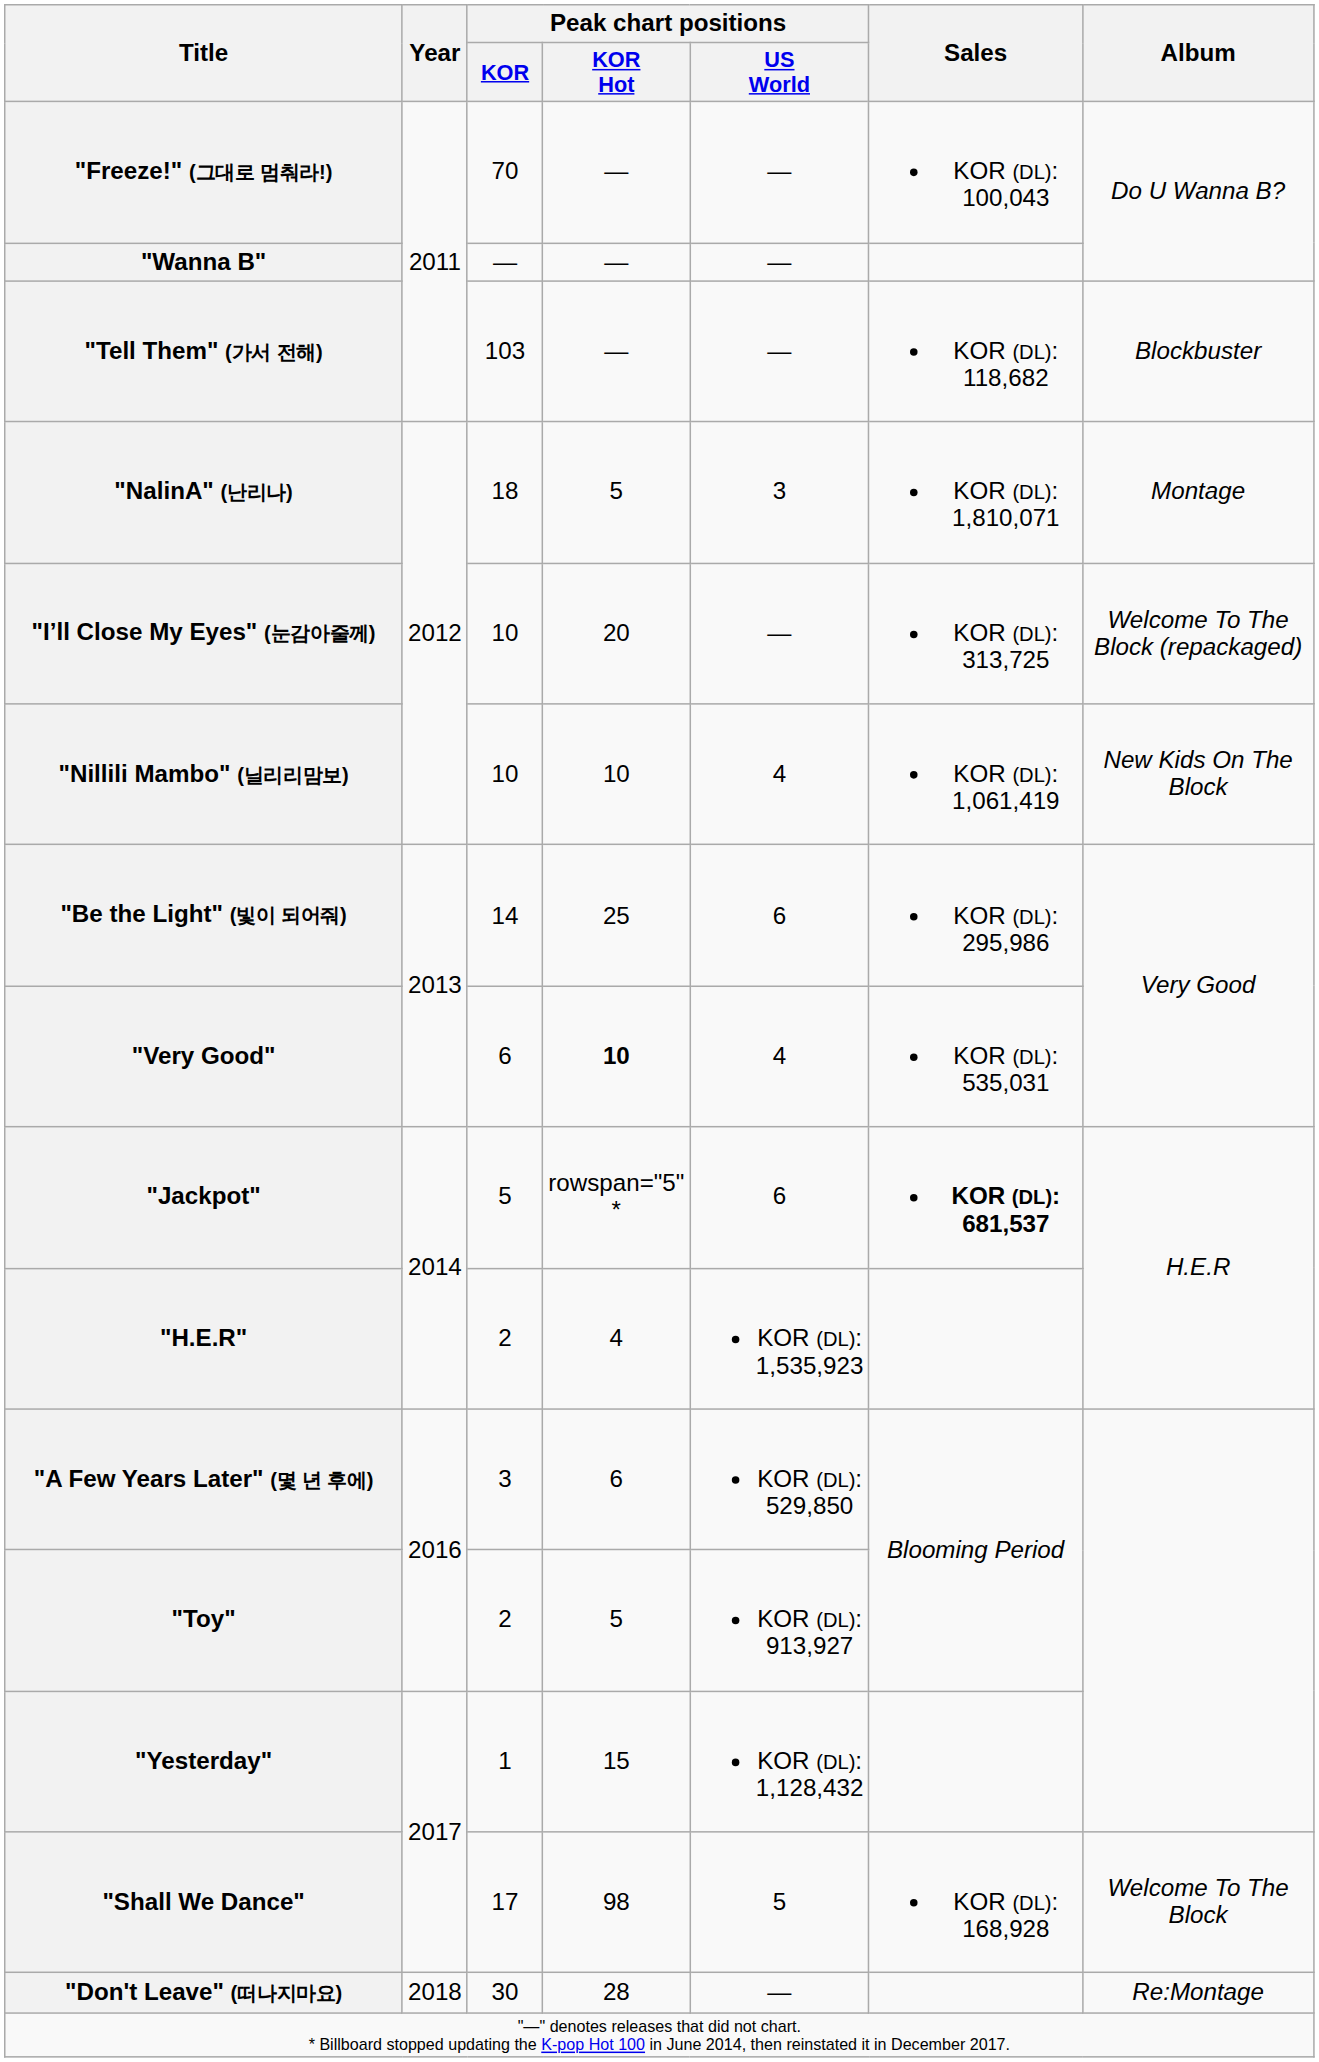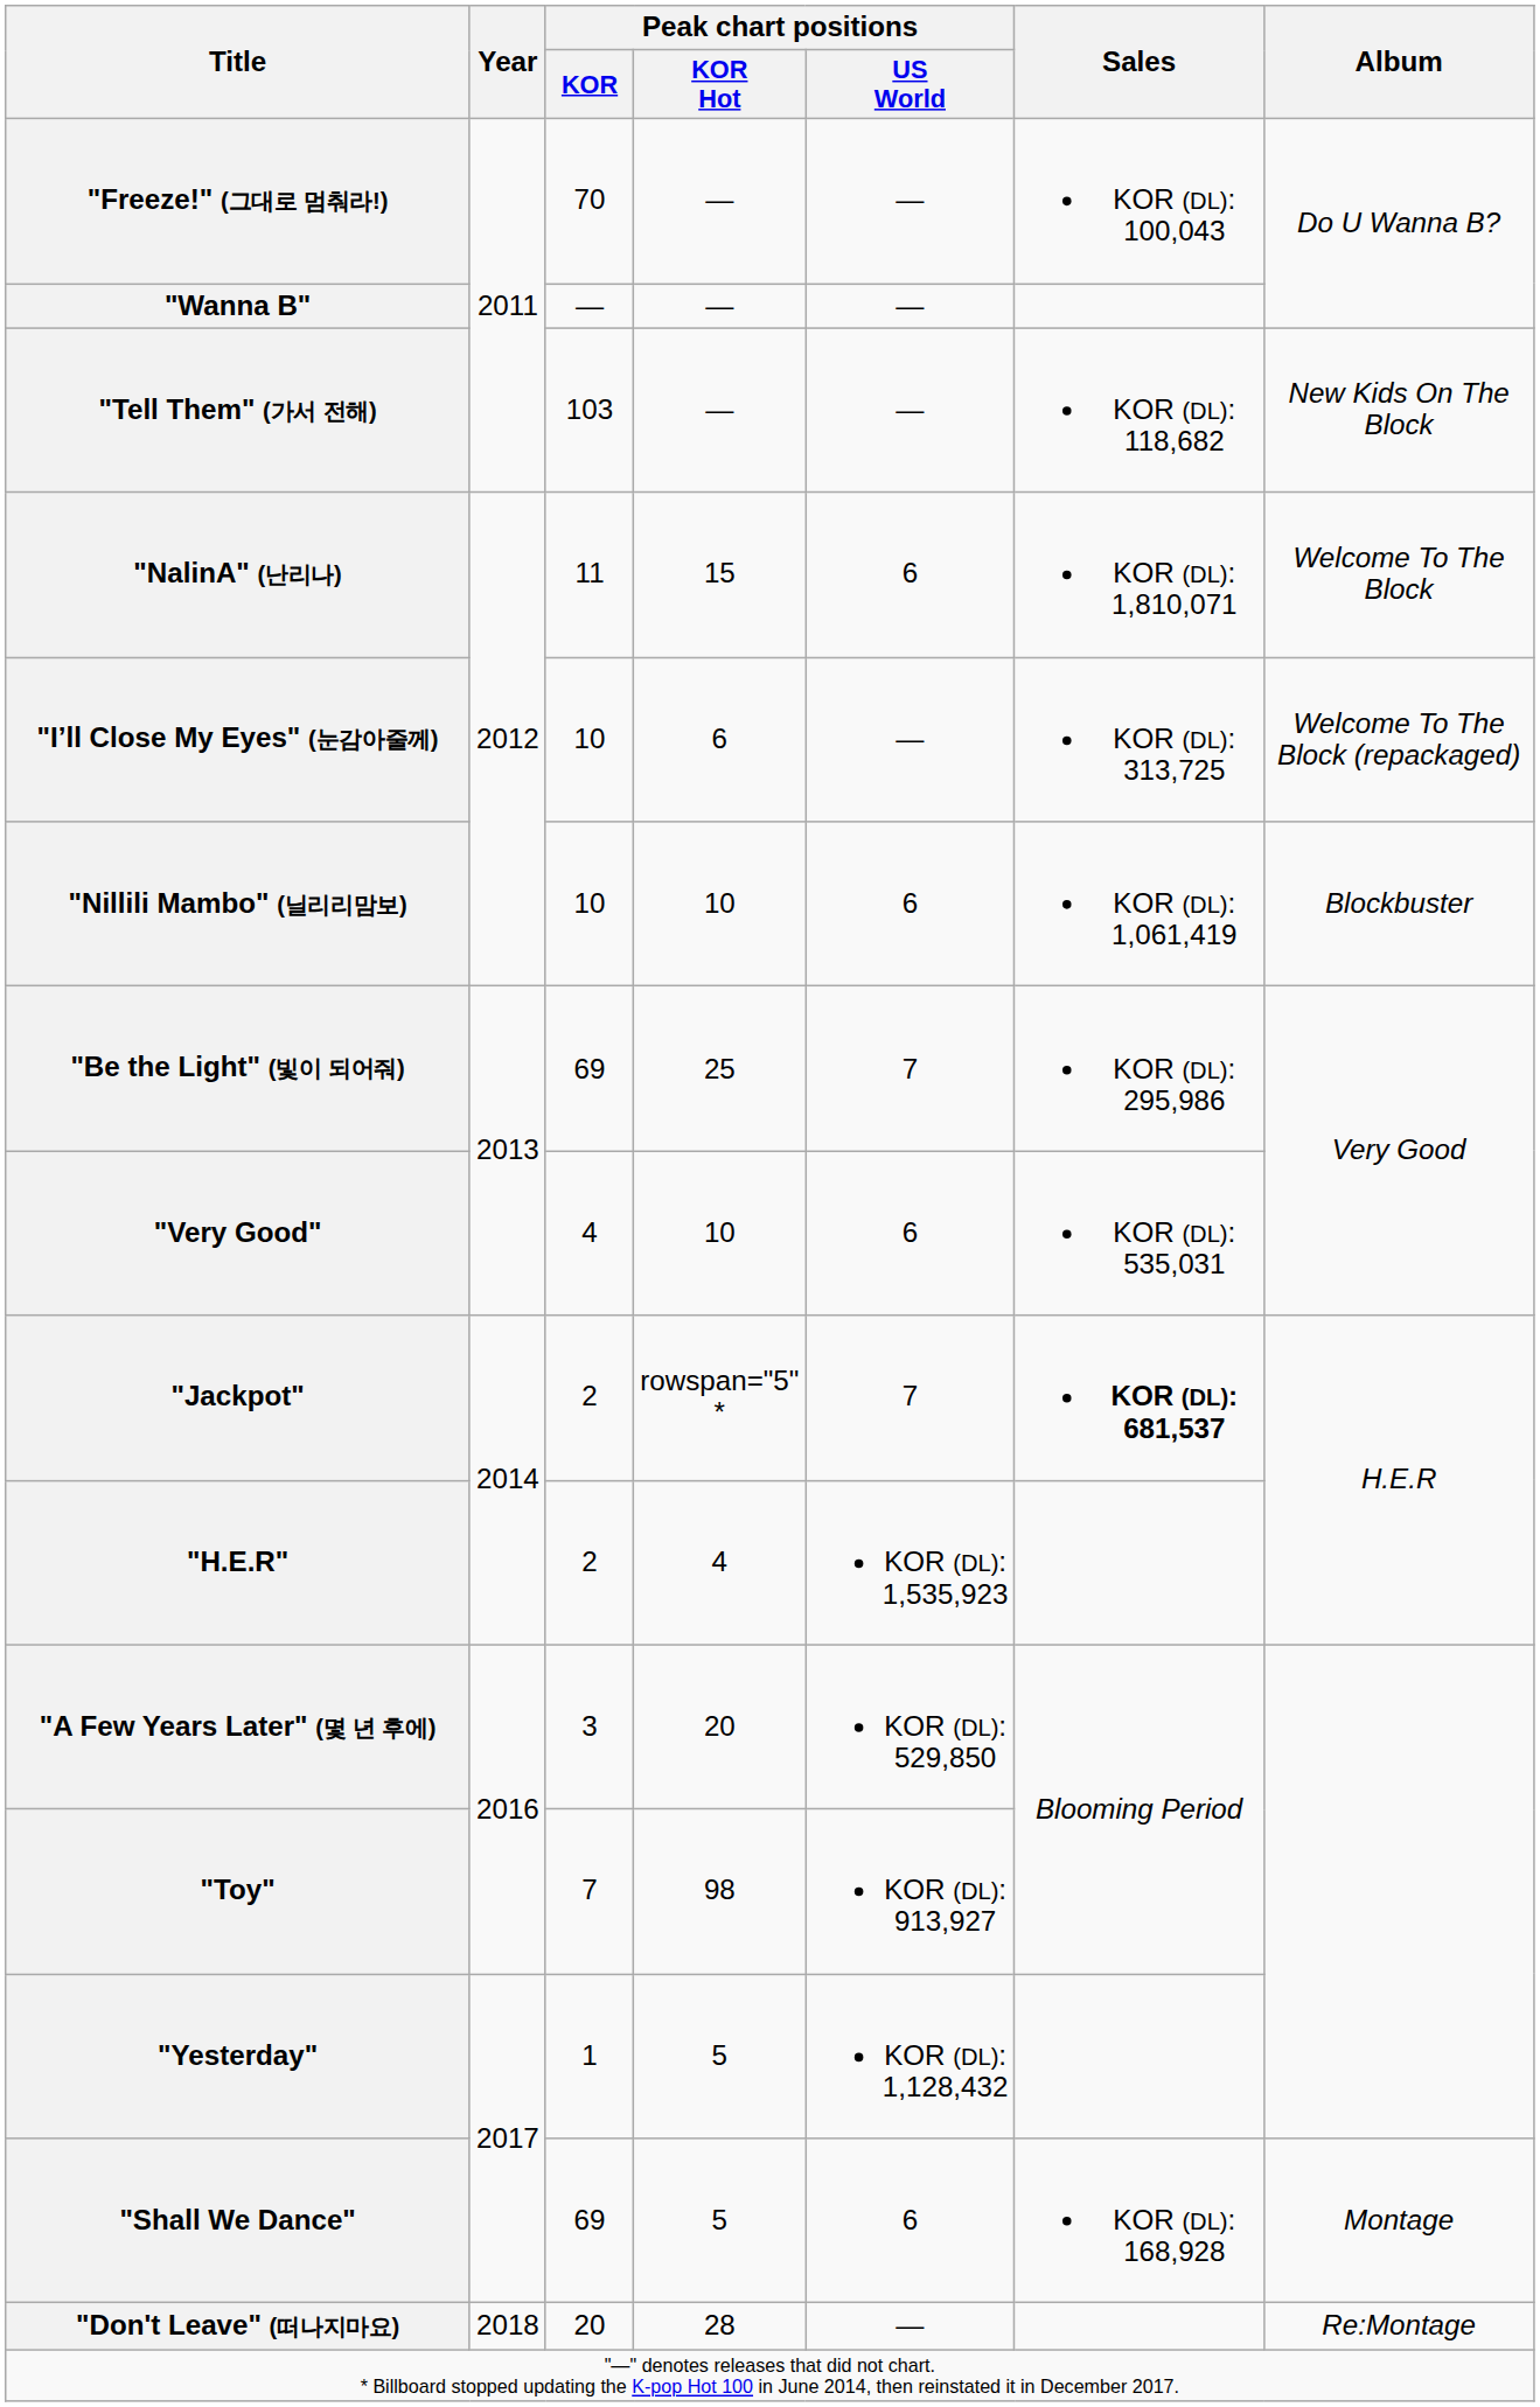 <table class="wikitable plainrowheaders" style="text-align:center;">
 <tr>
 <th scope="col" rowspan="2" style="width:16em;">Title</th>
 <th scope="col" rowspan="2">Year</th>
 <th scope="col" colspan="3">Peak chart positions</th>
 <th scope="col" rowspan="2">Sales</th>
 <th scope="col" rowspan="2">Album</th>
 </tr>
 <tr>
 <th scope="col" style="width:3em;font-size:90%;"><a href='#'>KOR</a><br></th>
 <th scope="col" style="width:3em;font-size:90%;"><a href='#'>KOR<br>Hot</a><br></th>
 <th scope="col" style="width:3em;font-size:90%;"><a href='#'>US<br>World</a><br></th>
 </tr>
 <tr>
 <th scope="row">"Freeze!" <small>(그대로 멈춰라!)</small></th>
 <td rowspan="3">2011</td>
 <td>70</td>
 <td>—</td>
 <td>—</td>
 <td><br><ul><li>KOR <small>(DL)</small>: 100,043</li></ul></td>
 <td rowspan="2"><em>Do U Wanna B?</em></td>
 </tr>
 <tr>
 <th scope="row">"Wanna B"</th>
 <td>—</td>
 <td>—</td>
 <td>—</td>
 <td></td>
 </tr>
 <tr>
 <th scope="row">"Tell Them" <small>(가서 전해)</small></th>
 <td>103</td>
 <td>—</td>
 <td>—</td>
 <td><br><ul><li>KOR <small>(DL)</small>: 118,682</li></ul></td>
-<td><em>Blockbuster</em></td>
+<td><em>New Kids On The Block</em></td>
 </tr>
 <tr>
 <th scope="row">"NalinA" <small>(난리나)</small></th>
 <td rowspan="3">2012</td>
-<td>18</td>
-<td>5</td>
-<td>3</td>
+<td>11</td>
+<td>15</td>
+<td>6</td>
 <td><br><ul><li>KOR <small>(DL)</small>: 1,810,071</li></ul></td>
-<td><em>Montage</em></td>
+<td><em>Welcome To The Block</em></td>
 </tr>
 <tr>
 <th scope="row">"I’ll Close My Eyes" <small>(눈감아줄께)</small></th>
 <td>10</td>
-<td>20</td>
+<td>6</td>
 <td>—</td>
 <td><br><ul><li>KOR <small>(DL)</small>: 313,725</li></ul></td>
 <td><em>Welcome To The Block (repackaged)</em></td>
 </tr>
 <tr>
 <th scope="row">"Nillili Mambo" <small>(닐리리맘보)</small></th>
 <td>10</td>
 <td>10</td>
-<td>4</td>
+<td>6</td>
 <td><br><ul><li>KOR <small>(DL)</small>: 1,061,419</li></ul></td>
-<td><em>New Kids On The Block</em></td>
+<td><em>Blockbuster</em></td>
 </tr>
 <tr>
 <th scope="row">"Be the Light" <small>(빛이 되어줘)</small></th>
 <td rowspan="2">2013</td>
-<td>14</td>
+<td>69</td>
 <td>25</td>
-<td>6</td>
+<td>7</td>
 <td><br><ul><li>KOR <small>(DL)</small>: 295,986</li></ul></td>
 <td rowspan="2"><em>Very Good</em></td>
 </tr>
 <tr>
 <th scope="row">"Very Good"</th>
+<td>4</td>
+<td>10</td>
 <td>6</td>
-<td><strong>10</strong></td>
-<td>4</td>
 <td><br><ul><li>KOR <small>(DL)</small>: 535,031</li></ul></td>
 </tr>
 <tr>
 <th scope="row">"Jackpot"</th>
 <td rowspan="2">2014</td>
-<td>5</td>
+<td>2</td>
 <td>rowspan="5" *</td>
-<td>6</td>
+<td>7</td>
 <td><strong><br><ul><li>KOR <small>(DL)</small>: 681,537</li></ul></strong></td>
 <td rowspan="2"><em>H.E.R</em></td>
 </tr>
 <tr>
 <th scope="row">"H.E.R"</th>
 <td>2</td>
 <td>4</td>
 <td><br><ul><li>KOR <small>(DL)</small>: 1,535,923</li></ul></td>
 </tr>
 <tr>
 <th scope="row">"A Few Years Later" <small>(몇 년 후에)</small></th>
 <td rowspan="2">2016</td>
 <td>3</td>
-<td>6</td>
+<td>20</td>
 <td><br><ul><li>KOR <small>(DL)</small>: 529,850</li></ul></td>
 <td rowspan="2"><em>Blooming Period</em></td>
 </tr>
 <tr>
 <th scope="row">"Toy"</th>
-<td>2</td>
-<td>5</td>
+<td>7</td>
+<td>98</td>
 <td><br><ul><li>KOR <small>(DL)</small>: 913,927</li></ul></td>
 </tr>
 <tr>
 <th scope="row">"Yesterday"</th>
 <td rowspan="2">2017</td>
 <td>1</td>
-<td>15</td>
+<td>5</td>
 <td><br><ul><li>KOR <small>(DL)</small>: 1,128,432</li></ul></td>
 <td></td>
 </tr>
 <tr>
 <th scope="row">"Shall We Dance"</th>
-<td>17</td>
-<td>98</td>
+<td>69</td>
 <td>5</td>
+<td>6</td>
 <td><br><ul><li>KOR <small>(DL)</small>: 168,928</li></ul></td>
-<td><em>Welcome To The Block</em></td>
+<td><em>Montage</em></td>
 </tr>
 <tr>
 <th scope="row">"Don't Leave" <small>(떠나지마요)</small></th>
 <td>2018</td>
-<td>30</td>
+<td>20</td>
 <td>28</td>
 <td>—</td>
 <td></td>
 <td><em>Re:Montage</em></td>
 </tr>
 <tr>
 <td colspan="7" style="font-size:8pt;">"—" denotes releases that did not chart.<br> * Billboard stopped updating the <a href='#'>K-pop Hot 100</a> in June 2014, then reinstated it in December 2017.</td>
 </tr>
 </table>
